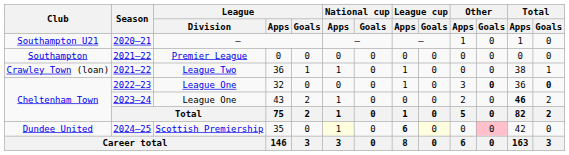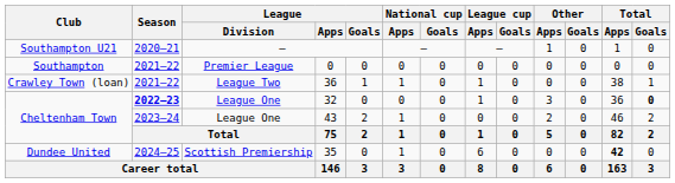 <table class="wikitable" style="text-align:center">
 <tr>
 <th rowspan="2">Club</th>
 <th rowspan="2">Season</th>
 <th colspan="3">League</th>
 <th colspan="2">National cup</th>
 <th colspan="2">League cup</th>
 <th colspan="2">Other</th>
 <th colspan="2">Total</th>
 </tr>
 <tr>
 <th>Division</th>
 <th>Apps</th>
 <th>Goals</th>
 <th>Apps</th>
 <th>Goals</th>
 <th>Apps</th>
 <th>Goals</th>
 <th>Apps</th>
 <th>Goals</th>
 <th>Apps</th>
 <th>Goals</th>
 </tr>
 <tr>
 <td><a href='#'>Southampton U21</a></td>
 <td><a href='#'>2020–21</a></td>
 <td colspan="3">—</td>
 <td colspan="2">—</td>
 <td colspan="2">—</td>
 <td>1</td>
 <td>0</td>
 <td>1</td>
 <td>0</td>
 </tr>
 <tr>
 <td><a href='#'>Southampton</a></td>
 <td><a href='#'>2021–22</a></td>
 <td><a href='#'>Premier League</a></td>
 <td>0</td>
 <td>0</td>
 <td>0</td>
 <td>0</td>
 <td>0</td>
 <td>0</td>
 <td>0</td>
 <td>0</td>
 <td>0</td>
 <td>0</td>
 </tr>
 <tr>
 <td><a href='#'>Crawley Town</a> (loan)</td>
 <td><a href='#'>2021–22</a></td>
 <td><a href='#'>League Two</a></td>
 <td>36</td>
 <td>1</td>
 <td>1</td>
 <td>0</td>
 <td>1</td>
 <td>0</td>
 <td>0</td>
 <td>0</td>
 <td>38</td>
 <td>1</td>
 </tr>
 <tr>
 <td rowspan=3><a href='#'>Cheltenham Town</a></td>
-<td><a href='#'>2022–23</a></td>
+<td><strong><a href='#'>2022–23</a></strong></td>
 <td><a href='#'>League One</a></td>
 <td>32</td>
 <td>0</td>
 <td>0</td>
 <td>0</td>
 <td>1</td>
 <td>0</td>
 <td>3</td>
-<td><strong>0</strong></td>
+<td>0</td>
 <td>36</td>
 <td><strong>0</strong></td>
 </tr>
 <tr>
 <td><a href='#'>2023–24</a></td>
 <td>League One</td>
 <td>43</td>
 <td>2</td>
 <td>1</td>
 <td>0</td>
 <td>0</td>
 <td>0</td>
 <td>2</td>
 <td>0</td>
-<td><strong>46</strong></td>
+<td>46</td>
 <td>2</td>
 </tr>
 <tr>
 <th colspan=2>Total</th>
 <th>75</th>
 <th>2</th>
 <th>1</th>
 <th>0</th>
 <th>1</th>
 <th>0</th>
 <th>5</th>
 <th>0</th>
 <th>82</th>
 <th>2</th>
 </tr>
 <tr>
 <td><a href='#'>Dundee United</a></td>
 <td><a href='#'>2024–25</a></td>
 <td><a href='#'>Scottish Premiership</a></td>
 <td>35</td>
 <td>0</td>
-<td style="background: lightyellow;">1</td>
+<td>1</td>
 <td>0</td>
-<td><strong>6</strong></td>
-<td style="background: lightyellow;">0</td>
+<td>6</td>
 <td>0</td>
-<td style="background: pink;">0</td>
-<td>42</td>
+<td>0</td>
+<td>0</td>
+<td><strong>42</strong></td>
 <td>0</td>
 </tr>
 <tr>
 <th colspan="3">Career total</th>
 <th>146</th>
 <th>3</th>
 <th>3</th>
 <th>0</th>
 <th>8</th>
 <th>0</th>
 <th>6</th>
 <th>0</th>
 <th>163</th>
 <th>3</th>
 </tr>
 </table>
